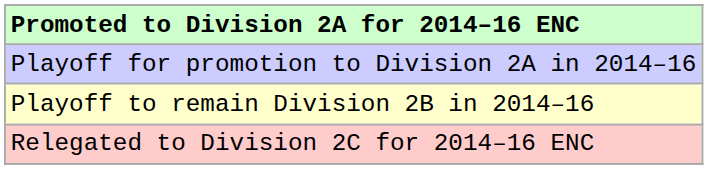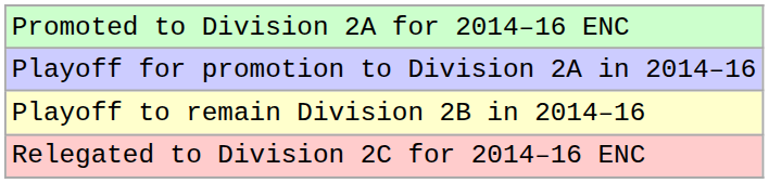 <table class="wikitable">
 <tr>
 </tr>
 <tr width=10px bgcolor="#ccffcc">
-<td><strong>Promoted to Division 2A for 2014–16 ENC</strong></td>
+<td>Promoted to Division 2A for 2014–16 ENC</td>
 </tr>
 <tr width=10px bgcolor="#ccccff">
 <td>Playoff for promotion to Division 2A in 2014–16</td>
 </tr>
 <tr width=10px bgcolor="#ffffcc">
 <td>Playoff to remain Division 2B in 2014–16</td>
 </tr>
 <tr width=10px bgcolor="#ffcccc">
 <td>Relegated to Division 2C for 2014–16 ENC</td>
 </tr>
 <tr>
 </tr>
 </table>
